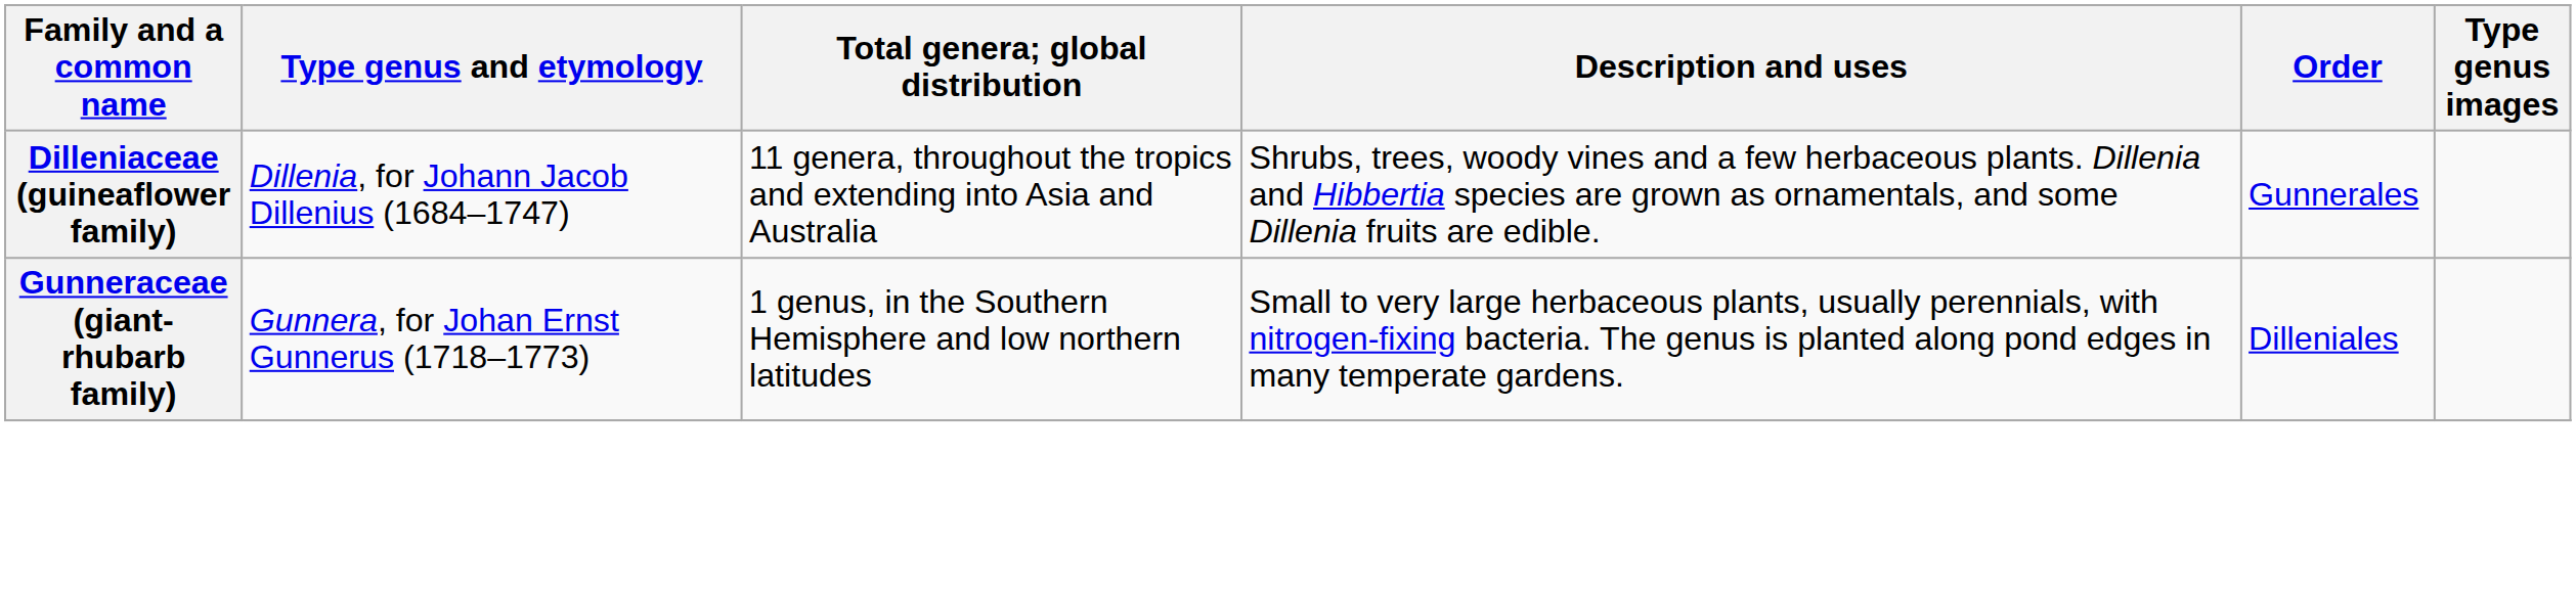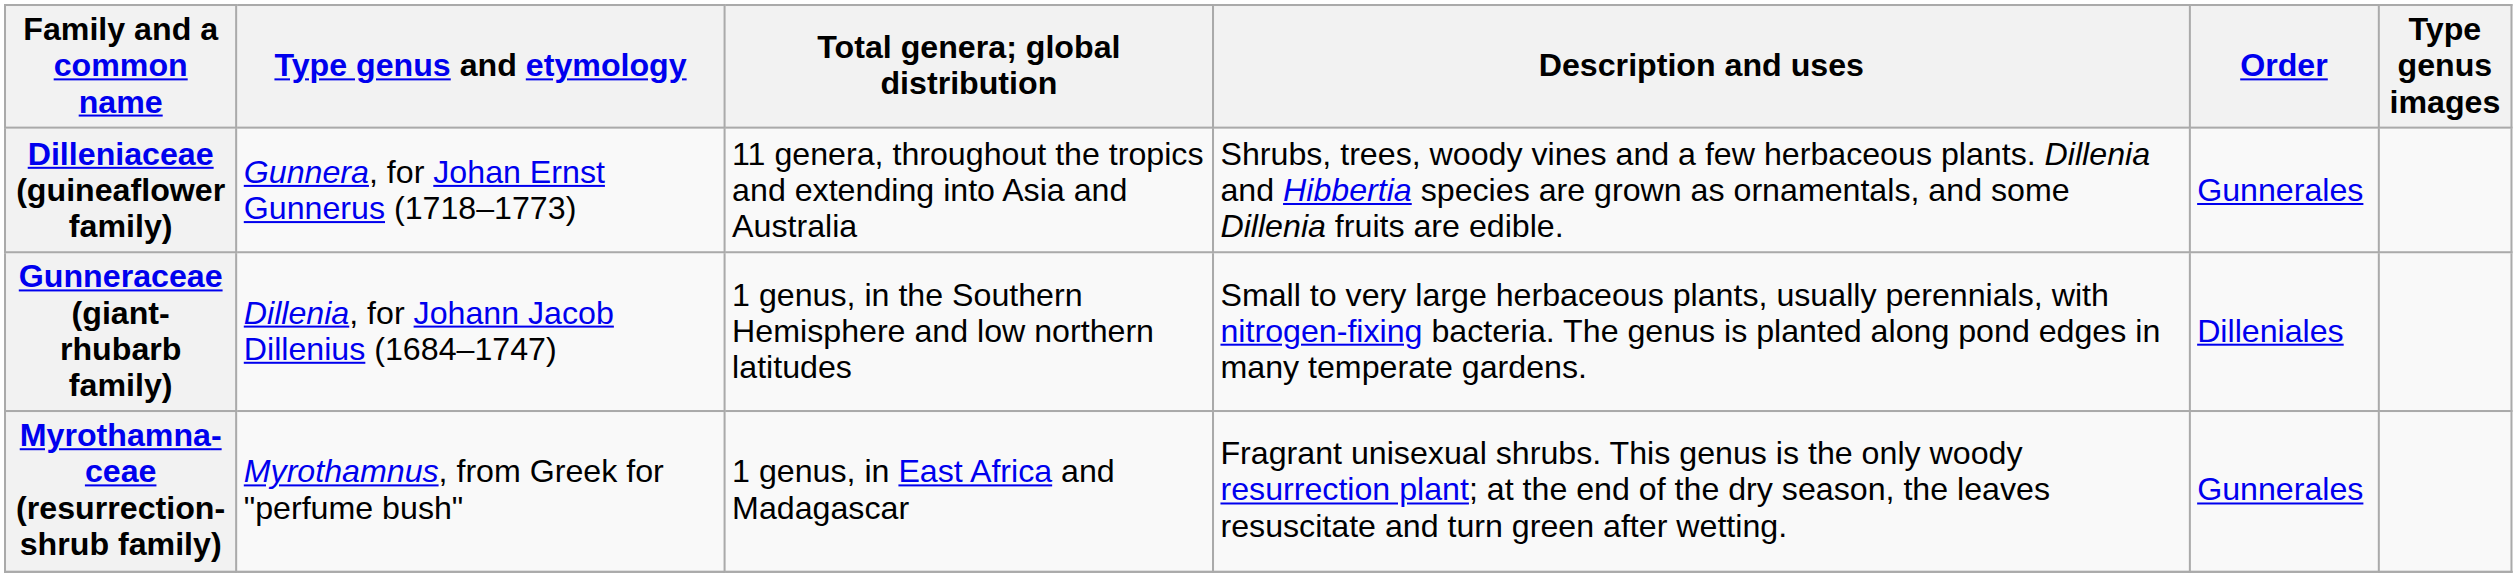 <table class="sortable wikitable plainrowheaders">
 <tr>
 <th scope="col" width="1%">Family and a <a href='#'>common name</a></th>
 <th scope="col" width="15%"><a href='#'>Type genus</a> and <a href='#'>etymology</a></th>
 <th scope="col" width="15%">Total genera; global distribution</th>
 <th scope="col" class=unsortable width="30%" style="min-width:160px;">Description and uses</th>
 <th scope="col" width="1%"><a href='#'>Order</a></th>
 <th scope="col" width="1%">Type genus images</th>
 </tr>
 <tr>
 <th scope="row"><a href='#'>Dilleniaceae</a> (guineaflower family)</th>
-<td><em><a href='#'>Dillenia</a></em>, for <a href='#'>Johann Jacob Dillenius</a> (1684–1747)</td>
+<td><em><a href='#'>Gunnera</a></em>, for <a href='#'>Johan Ernst Gunnerus</a> (1718–1773)</td>
 <td>11 genera, throughout the tropics and extending into Asia and Australia</td>
 <td>Shrubs, trees, woody vines and a few herbaceous plants. <em>Dillenia</em> and <em><a href='#'>Hibbertia</a></em> species are grown as ornamentals, and some <em>Dillenia</em> fruits are edible.</td>
 <td><a href='#'>Gunnerales</a></td>
 <td></td>
 </tr>
 <tr>
 <th scope="row"><a href='#'>Gunneraceae</a> (giant-rhubarb family)</th>
-<td><em><a href='#'>Gunnera</a></em>, for <a href='#'>Johan Ernst Gunnerus</a> (1718–1773)</td>
+<td><em><a href='#'>Dillenia</a></em>, for <a href='#'>Johann Jacob Dillenius</a> (1684–1747)</td>
 <td>1 genus, in the Southern Hemisphere and low northern latitudes</td>
 <td>Small to very large herbaceous plants, usually perennials, with <a href='#'>nitrogen-fixing</a> bacteria. The genus is planted along pond edges in many temperate gardens.</td>
 <td><a href='#'>Dilleniales</a></td>
 <td></td>
 </tr>
 <tr>
+<th scope="row"><a href='#'>Myrothamna­ceae</a> (resurrection-shrub family)</th>
+<td><em><a href='#'>Myrothamnus</a></em>, from Greek for "perfume bush"</td>
+<td>1 genus, in <a href='#'>East Africa</a> and Madagascar</td>
+<td>Fragrant unisexual shrubs. This genus is the only woody <a href='#'>resurrection plant</a>; at the end of the dry season, the leaves resuscitate and turn green after wetting.</td>
+<td><a href='#'>Gunnerales</a></td>
+<td></td>
+</tr>
+<tr>
 </tr>
 </table>
